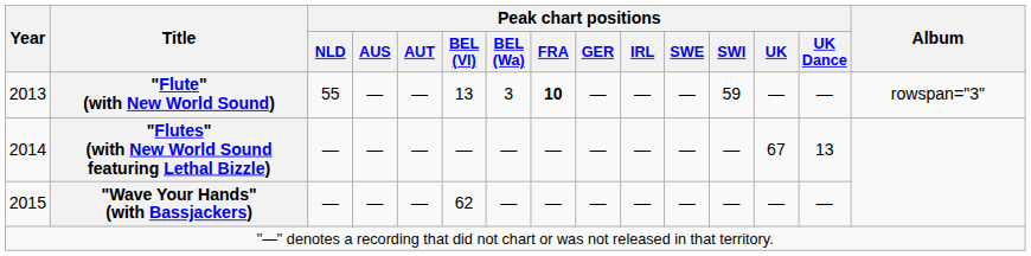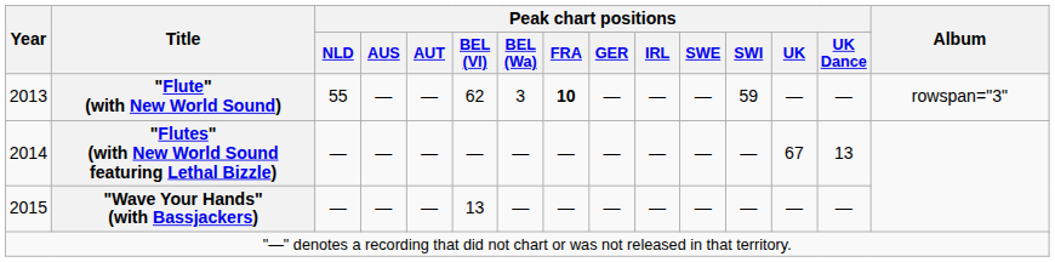 <table class="wikitable plainrowheaders" style="text-align:center;">
 <tr>
 <th scope="col" rowspan="2" style="width:1em;">Year</th>
 <th scope="col" rowspan="2" style="width:15em;">Title</th>
 <th scope="col" colspan="12">Peak chart positions</th>
 <th scope="col" rowspan="2" style="width:10em;">Album</th>
 </tr>
 <tr>
 <th scope="col" style="width:2.5em;font-size:90%;"><a href='#'>NLD</a><br></th>
 <th scope="col" style="width:2.5em;font-size:90%;"><a href='#'>AUS</a><br></th>
 <th scope="col" style="width:2.5em;font-size:90%;"><a href='#'>AUT</a><br></th>
 <th scope="col" style="width:2.5em;font-size:90%;"><a href='#'>BEL (Vl)</a><br></th>
 <th scope="col" style="width:2.5em;font-size:90%;"><a href='#'>BEL (Wa)</a><br></th>
 <th scope="col" style="width:2.5em;font-size:90%;"><a href='#'>FRA</a><br></th>
 <th scope="col" style="width:2.5em;font-size:90%;"><a href='#'>GER</a><br></th>
 <th scope="col" style="width:2.5em;font-size:90%;"><a href='#'>IRL</a><br></th>
 <th scope="col" style="width:2.5em;font-size:90%;"><a href='#'>SWE</a><br></th>
 <th scope="col" style="width:2.5em;font-size:90%;"><a href='#'>SWI</a><br></th>
 <th scope="col" style="width:2.5em;font-size:90%;"><a href='#'>UK</a><br></th>
 <th scope="col" style="width:2.5em;font-size:90%;"><a href='#'>UK<br>Dance</a><br></th>
 </tr>
 <tr>
 <td rowspan="1">2013</td>
 <th scope="row">"<a href='#'>Flute</a>" <br><span>(with <a href='#'>New World Sound</a>)</span></th>
 <td>55</td>
 <td>—</td>
 <td>—</td>
-<td>13</td>
+<td>62</td>
 <td>3</td>
 <td><strong>10</strong></td>
 <td>—</td>
 <td>—</td>
 <td>—</td>
 <td>59</td>
 <td>—</td>
 <td>—</td>
 <td>rowspan="3" </td>
 </tr>
 <tr>
 <td rowspan="1">2014</td>
 <th scope="row">"<a href='#'>Flutes</a>" <br><span>(with <a href='#'>New World Sound</a> featuring <a href='#'>Lethal Bizzle</a>)</span></th>
 <td>—</td>
 <td>—</td>
 <td>—</td>
 <td>—</td>
 <td>—</td>
 <td>—</td>
 <td>—</td>
 <td>—</td>
 <td>—</td>
 <td>—</td>
 <td>67</td>
 <td>13</td>
 </tr>
 <tr>
 <td rowspan="1">2015</td>
 <th scope="row">"Wave Your Hands" <br><span>(with <a href='#'>Bassjackers</a>)</span></th>
 <td>—</td>
 <td>—</td>
 <td>—</td>
-<td>62</td>
+<td>13</td>
 <td>—</td>
 <td>—</td>
 <td>—</td>
 <td>—</td>
 <td>—</td>
 <td>—</td>
 <td>—</td>
 <td>—</td>
 </tr>
 <tr>
 <td colspan="16" style="font-size:90%">"—" denotes a recording that did not chart or was not released in that territory.</td>
 </tr>
 </table>
